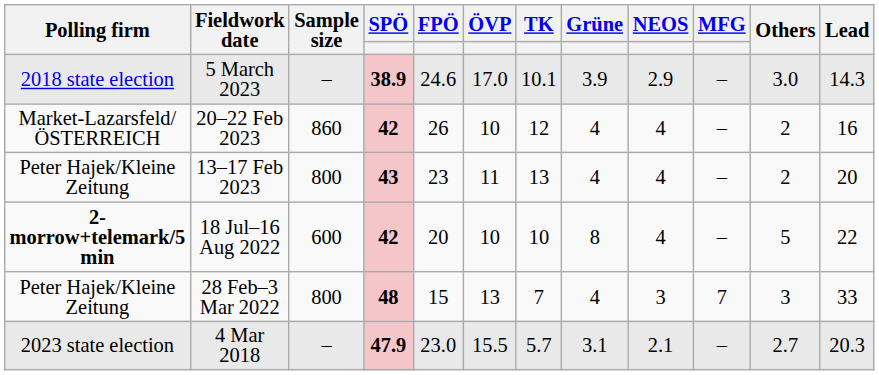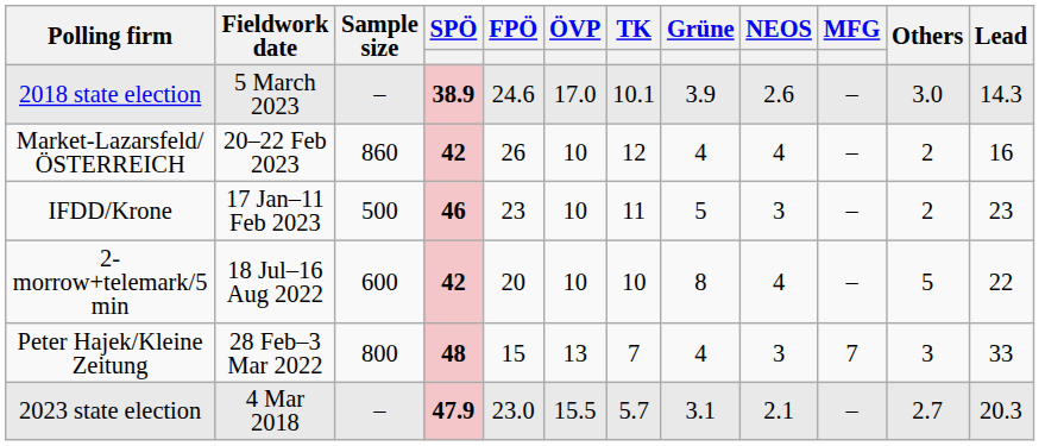 <table class="wikitable sortable" style="text-align:center;font-size:90%;line-height:14px;">
 <tr>
 <th rowspan="2" style="width:190px;">Polling firm</th>
 <th rowspan="2" style="width:130px;">Fieldwork date</th>
 <th rowspan="2" style="width:35px;">Sample<br>size</th>
 <th class="unsortable" style="width:40px;"><a href='#'>SPÖ</a></th>
 <th class="unsortable" style="width:40px;"><a href='#'>FPÖ</a></th>
 <th class="unsortable" style="width:40px;"><a href='#'>ÖVP</a></th>
 <th class="unsortable" style="width:40px;"><a href='#'>TK</a></th>
 <th class="unsortable" style="width:40px;"><a href='#'>Grüne</a></th>
 <th class="unsortable" style="width:40px;"><a href='#'>NEOS</a></th>
 <th class="unsortable" style="width:40px;"><a href='#'>MFG</a></th>
 <th rowspan="2" class="unsortable" style="width:40px;">Others</th>
 <th rowspan="2" style="width:30px;">Lead</th>
 </tr>
 <tr>
 <th style="background:"></th>
 <th style="background:"></th>
 <th style="background:"></th>
 <th style="background:"></th>
 <th style="background:"></th>
 <th style="background:"></th>
 <th style="background:"></th>
 </tr>
 <tr style="background:#E9E9E9;">
 <td><a href='#'>2018 state election</a></td>
 <td data-sort-value="2023-03-05">5 March 2023</td>
 <td>–</td>
 <td style="background:#F4C6C9;"><strong>38.9</strong></td>
 <td>24.6</td>
 <td>17.0</td>
 <td>10.1</td>
 <td>3.9</td>
-<td>2.9</td>
+<td>2.6</td>
 <td>–</td>
 <td>3.0</td>
 <td style="background:">14.3</td>
 </tr>
 <tr>
 <td>Market-Lazarsfeld/ÖSTERREICH</td>
 <td data-sort-value="2023-02-22">20–22 Feb 2023</td>
 <td>860</td>
 <td style="background:#F4C6C9;"><strong>42</strong></td>
 <td>26</td>
 <td>10</td>
 <td>12</td>
 <td>4</td>
 <td>4</td>
 <td>–</td>
 <td>2</td>
 <td style="background:">16</td>
 </tr>
 <tr>
-<td>Peter Hajek/Kleine Zeitung</td>
-<td data-sort-value="2023-02-17">13–17 Feb 2023</td>
-<td>800</td>
-<td style="background:#F4C6C9;"><strong>43</strong></td>
+<td>IFDD/Krone</td>
+<td data-sort-value="2023-02-15">17 Jan–11 Feb 2023</td>
+<td>500</td>
+<td style="background:#F4C6C9;"><strong>46</strong></td>
 <td>23</td>
+<td>10</td>
 <td>11</td>
-<td>13</td>
-<td>4</td>
-<td>4</td>
+<td>5</td>
+<td>3</td>
 <td>–</td>
 <td>2</td>
-<td style="background:">20</td>
+<td style="background:">23</td>
 </tr>
 <tr>
-<td><strong>2-morrow+telemark/5 min</strong></td>
+<td>2-morrow+telemark/5 min</td>
 <td data-sort-value="2022-09-02">18 Jul–16 Aug 2022</td>
 <td>600</td>
 <td style="background:#F4C6C9;"><strong>42</strong></td>
 <td>20</td>
 <td>10</td>
 <td>10</td>
 <td>8</td>
 <td>4</td>
 <td>–</td>
 <td>5</td>
 <td style="background:">22</td>
 </tr>
 <tr>
 <td>Peter Hajek/Kleine Zeitung</td>
 <td data-sort-value="2022-03-06">28 Feb–3 Mar 2022</td>
 <td>800</td>
 <td style="background:#F4C6C9;"><strong>48</strong></td>
 <td>15</td>
 <td>13</td>
 <td>7</td>
 <td>4</td>
 <td>3</td>
 <td>7</td>
 <td>3</td>
 <td style="background:">33</td>
 </tr>
 <tr style="background:#E9E9E9;">
 <td>2023 state election</td>
 <td data-sort-value="2013-03-03">4 Mar 2018</td>
 <td>–</td>
 <td style="background:#F4C6C9;"><strong>47.9</strong></td>
 <td>23.0</td>
 <td>15.5</td>
 <td>5.7</td>
 <td>3.1</td>
 <td>2.1</td>
 <td>–</td>
 <td>2.7</td>
 <td style="background:">20.3</td>
 </tr>
 </table>
